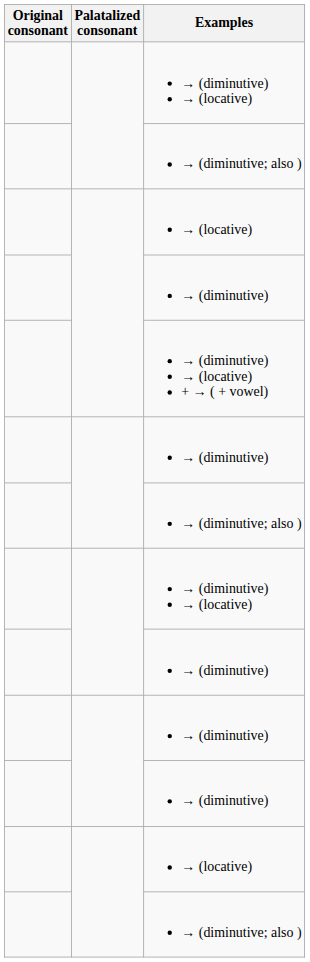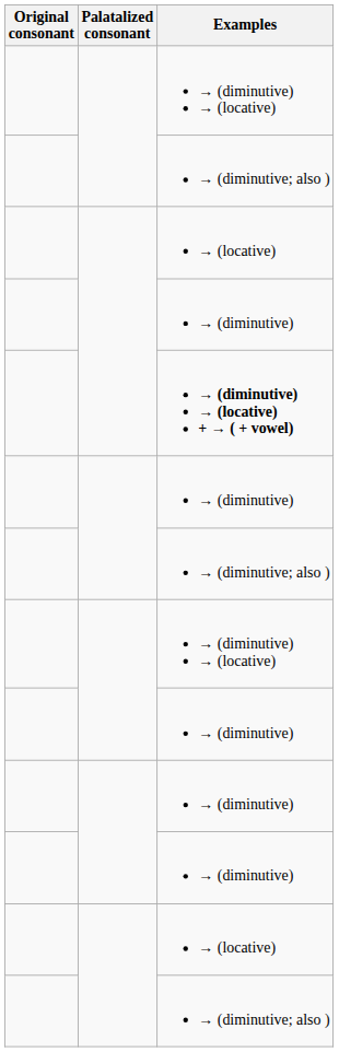 <table class="wikitable" style="text-align: center;">
 <tr>
 <th>Original<br>consonant</th>
 <th>Palatalized<br>consonant</th>
 <th>Examples</th>
 </tr>
 <tr>
 <td></td>
 <td rowspan="2"></td>
 <td style="text-align: left;"><br><ul><li> →  (diminutive)</li><li> →  (locative)</li></ul></td>
 </tr>
 <tr>
 <td></td>
 <td style="text-align: left;"><br><ul><li> →  (diminutive; also )</li></ul></td>
 </tr>
 <tr>
 <td></td>
 <td rowspan="3"></td>
 <td style="text-align: left;"><br><ul><li> →  (locative)</li></ul></td>
 </tr>
 <tr>
 <td></td>
 <td style="text-align: left;"><br><ul><li> →  (diminutive)</li></ul></td>
 </tr>
 <tr>
 <td></td>
-<td style="text-align: left;"><br><ul><li> →  (diminutive)</li><li> →  (locative)</li><li> +  →  ( + vowel)</li></ul></td>
+<td style="text-align: left;"><strong><br><ul><li> →  (diminutive)</li><li> →  (locative)</li><li> +  →  ( + vowel)</li></ul></strong></td>
 </tr>
 <tr>
 <td></td>
 <td rowspan="2"></td>
 <td style="text-align: left;"><br><ul><li> →  (diminutive)</li></ul></td>
 </tr>
 <tr>
 <td></td>
 <td style="text-align: left;"><br><ul><li> →  (diminutive; also )</li></ul></td>
 </tr>
 <tr>
 <td></td>
 <td rowspan="2"></td>
 <td style="text-align: left;"><br><ul><li> →  (diminutive)</li><li> →  (locative)</li></ul></td>
 </tr>
 <tr>
 <td></td>
 <td style="text-align: left;"><br><ul><li> →  (diminutive)</li></ul></td>
 </tr>
 <tr>
 <td></td>
 <td rowspan="2"></td>
 <td style="text-align: left;"><br><ul><li> →  (diminutive)</li></ul></td>
 </tr>
 <tr>
 <td></td>
 <td style="text-align: left;"><br><ul><li> →  (diminutive)</li></ul></td>
 </tr>
 <tr>
 <td></td>
 <td rowspan="2"></td>
 <td style="text-align: left;"><br><ul><li> →  (locative)</li></ul></td>
 </tr>
 <tr>
 <td></td>
 <td style="text-align: left;"><br><ul><li> →  (diminutive; also )</li></ul></td>
 </tr>
 </table>
